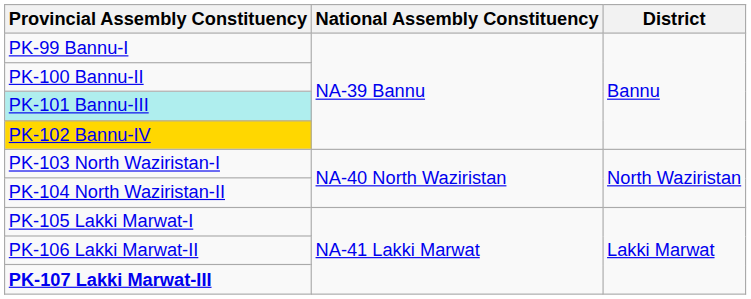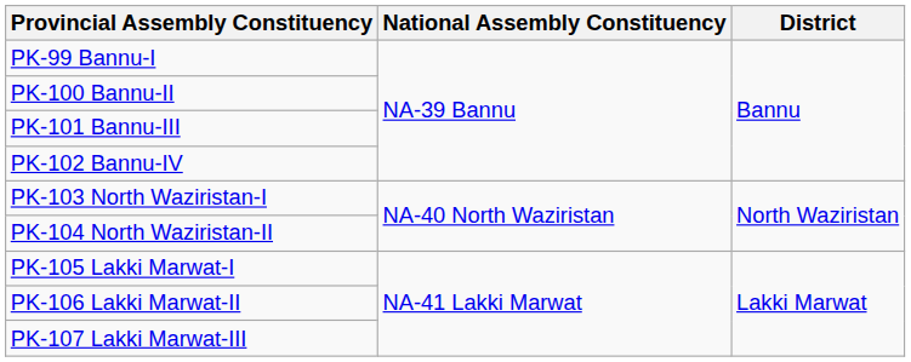 <table class="wikitable sortable static-row-numbers static-row-header-hash">
 <tr>
 <th>Provincial Assembly Constituency</th>
 <th>National Assembly Constituency</th>
 <th>District</th>
 </tr>
 <tr>
 <td><a href='#'>PK-99 Bannu-I</a></td>
 <td rowspan="4"><a href='#'>NA-39 Bannu</a></td>
 <td rowspan="4"><a href='#'>Bannu</a></td>
 </tr>
 <tr>
 <td><a href='#'>PK-100 Bannu-II</a></td>
 </tr>
 <tr>
-<td style="background: paleturquoise;"><a href='#'>PK-101 Bannu-III</a></td>
+<td><a href='#'>PK-101 Bannu-III</a></td>
 </tr>
 <tr>
-<td style="background: gold;"><a href='#'>PK-102 Bannu-IV</a></td>
+<td><a href='#'>PK-102 Bannu-IV</a></td>
 </tr>
 <tr>
 <td><a href='#'>PK-103 North Waziristan-I</a></td>
 <td rowspan="2"><a href='#'>NA-40 North Waziristan</a></td>
 <td rowspan="2"><a href='#'>North Waziristan</a></td>
 </tr>
 <tr>
 <td><a href='#'>PK-104 North Waziristan-II</a></td>
 </tr>
 <tr>
 <td><a href='#'>PK-105 Lakki Marwat-I</a></td>
 <td rowspan="3"><a href='#'>NA-41 Lakki Marwat</a></td>
 <td rowspan="3"><a href='#'>Lakki Marwat</a></td>
 </tr>
 <tr>
 <td><a href='#'>PK-106 Lakki Marwat-II</a></td>
 </tr>
 <tr>
-<td><strong><a href='#'>PK-107 Lakki Marwat-III</a></strong></td>
+<td><a href='#'>PK-107 Lakki Marwat-III</a></td>
 </tr>
 </table>
